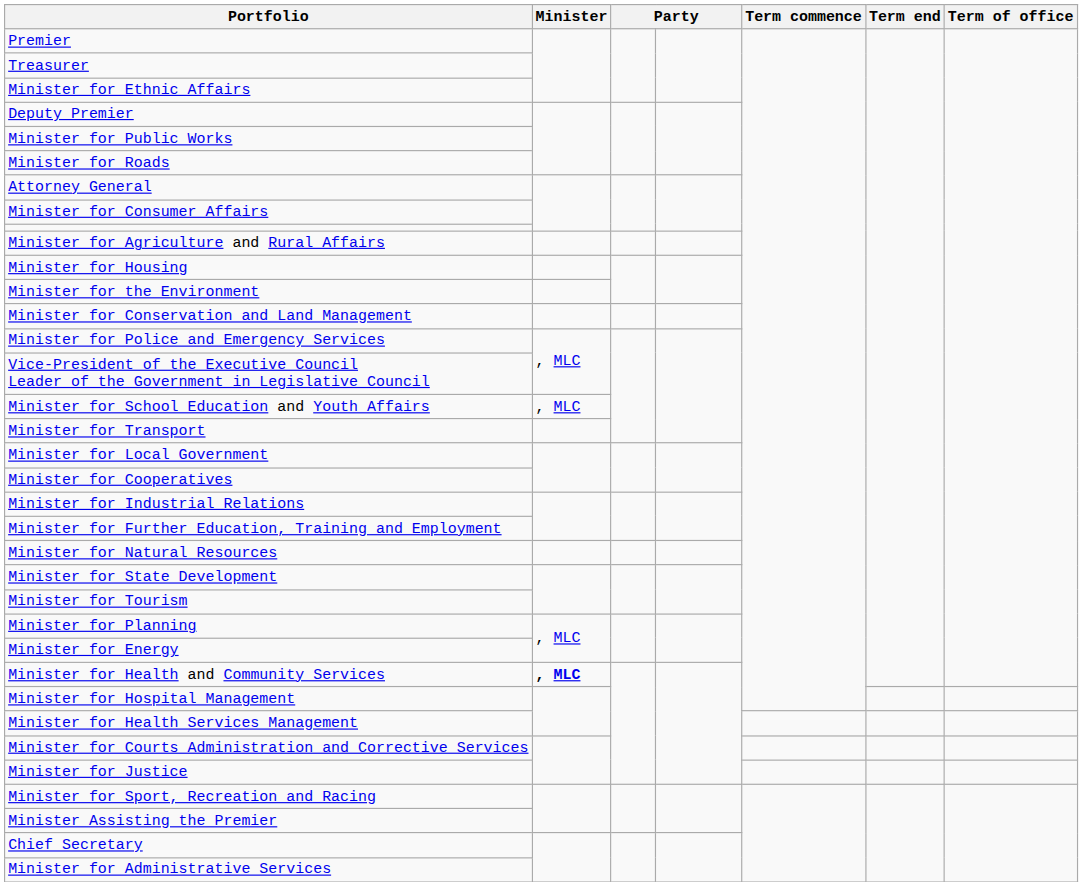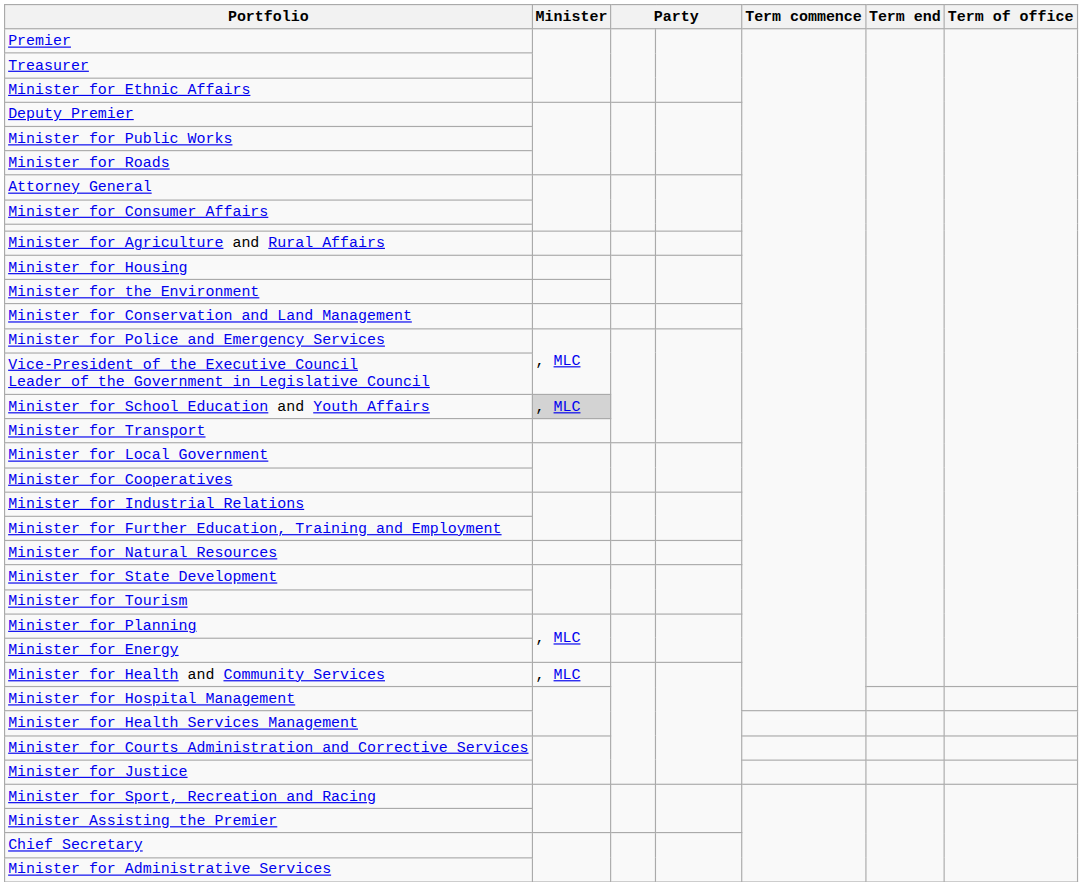 <table class="wikitable sortable">
 <tr>
 <th>Portfolio</th>
 <th>Minister</th>
 <th colspan=2>Party</th>
 <th>Term commence</th>
 <th>Term end</th>
 <th>Term of office</th>
 </tr>
 <tr>
 <td><a href='#'>Premier</a></td>
 <td rowspan="3"></td>
 <td rowspan="3" > </td>
 <td rowspan="3" width=8%></td>
 <td rowspan="28" align="center"></td>
 <td rowspan="27" align="center"></td>
 <td rowspan="27" align="right"></td>
 </tr>
 <tr>
 <td><a href='#'>Treasurer</a></td>
 </tr>
 <tr>
 <td><a href='#'>Minister for Ethnic Affairs</a></td>
 </tr>
 <tr>
 <td><a href='#'>Deputy Premier</a></td>
 <td rowspan="3"></td>
 <td rowspan="3" > </td>
 <td rowspan="3"></td>
 </tr>
 <tr>
 <td><a href='#'>Minister for Public Works</a></td>
 </tr>
 <tr>
 <td><a href='#'>Minister for Roads</a></td>
 </tr>
 <tr>
 <td><a href='#'>Attorney General</a></td>
 <td rowspan="3"></td>
 <td rowspan="3" > </td>
 <td rowspan="3"></td>
 </tr>
 <tr>
 <td><a href='#'>Minister for Consumer Affairs</a></td>
 </tr>
 <tr>
 <td></td>
 </tr>
 <tr>
 <td><a href='#'>Minister for Agriculture</a> and <a href='#'>Rural Affairs</a></td>
 <td></td>
 <td> </td>
 <td></td>
 </tr>
 <tr>
 <td><a href='#'>Minister for Housing</a></td>
 <td></td>
 <td rowspan="2" > </td>
 <td rowspan="2"></td>
 </tr>
 <tr>
 <td><a href='#'>Minister for the Environment</a></td>
 <td></td>
 </tr>
 <tr>
 <td><a href='#'>Minister for Conservation and Land Management</a></td>
 <td></td>
 <td> </td>
 <td></td>
 </tr>
 <tr>
 <td><a href='#'>Minister for Police and Emergency Services</a></td>
 <td rowspan="2">, <a href='#'>MLC</a></td>
 <td rowspan="4" > </td>
 <td rowspan="4"></td>
 </tr>
 <tr>
 <td><a href='#'>Vice-President of the Executive Council</a><br><a href='#'>Leader of the Government in Legislative Council</a></td>
 </tr>
 <tr>
 <td><a href='#'>Minister for School Education</a> and <a href='#'>Youth Affairs</a></td>
-<td>, <a href='#'>MLC</a></td>
+<td style="background: lightgrey;">, <a href='#'>MLC</a></td>
 </tr>
 <tr>
 <td><a href='#'>Minister for Transport</a></td>
 <td></td>
 </tr>
 <tr>
 <td><a href='#'>Minister for Local Government</a></td>
 <td rowspan="2"></td>
 <td rowspan="2" > </td>
 <td rowspan="2"></td>
 </tr>
 <tr>
 <td><a href='#'>Minister for Cooperatives</a></td>
 </tr>
 <tr>
 <td><a href='#'>Minister for Industrial Relations</a></td>
 <td rowspan="2"></td>
 <td rowspan="2" > </td>
 <td rowspan="2"></td>
 </tr>
 <tr>
 <td><a href='#'>Minister for Further Education, Training and Employment</a></td>
 </tr>
 <tr>
 <td><a href='#'>Minister for Natural Resources</a></td>
 <td></td>
 <td> </td>
 <td></td>
 </tr>
 <tr>
 <td><a href='#'>Minister for State Development</a></td>
 <td rowspan="2"></td>
 <td rowspan="2" > </td>
 <td rowspan="2"></td>
 </tr>
 <tr>
 <td><a href='#'>Minister for Tourism</a></td>
 </tr>
 <tr>
 <td><a href='#'>Minister for Planning</a></td>
 <td rowspan="2">, <a href='#'>MLC</a></td>
 <td rowspan="2" > </td>
 <td rowspan="2"></td>
 </tr>
 <tr>
 <td><a href='#'>Minister for Energy</a></td>
 </tr>
 <tr>
 <td><a href='#'>Minister for Health</a> and <a href='#'>Community Services</a></td>
-<td><strong>, <a href='#'>MLC</a></strong></td>
+<td>, <a href='#'>MLC</a></td>
 <td rowspan="5" > </td>
 <td rowspan="5"></td>
 </tr>
 <tr>
 <td><a href='#'>Minister for Hospital Management</a></td>
 <td rowspan="2"></td>
 <td align="center"></td>
 <td></td>
 </tr>
 <tr>
 <td><a href='#'>Minister for Health Services Management</a></td>
 <td align="center"></td>
 <td align="center"></td>
 <td></td>
 </tr>
 <tr>
 <td><a href='#'>Minister for Courts Administration and Corrective Services</a></td>
 <td rowspan="2"></td>
 <td align="center"></td>
 <td align="center"></td>
 <td></td>
 </tr>
 <tr>
 <td><a href='#'>Minister for Justice</a></td>
 <td align="center"></td>
 <td align="center"></td>
 <td></td>
 </tr>
 <tr>
 <td><a href='#'>Minister for Sport, Recreation and Racing</a></td>
 <td rowspan="2"></td>
 <td rowspan="2" > </td>
 <td rowspan="2"></td>
 <td rowspan="4" align="center"></td>
 <td rowspan="4" align="center"></td>
 <td rowspan="4"></td>
 </tr>
 <tr>
 <td><a href='#'>Minister Assisting the Premier</a></td>
 </tr>
 <tr>
 <td><a href='#'>Chief Secretary</a></td>
 <td rowspan="2"></td>
 <td rowspan="2" > </td>
 <td rowspan="2"></td>
 </tr>
 <tr>
 <td><a href='#'>Minister for Administrative Services</a></td>
 </tr>
 </table>
